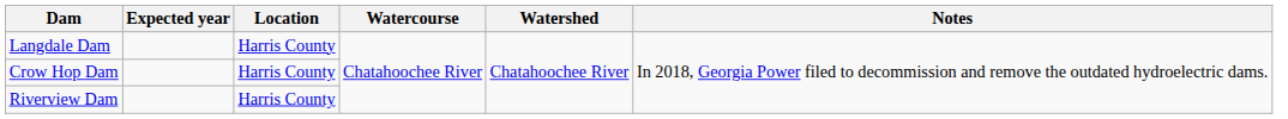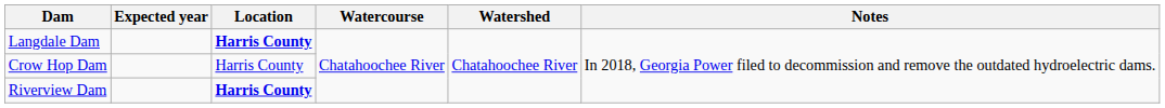 <table class="wikitable sortable">
 <tr>
 <th>Dam</th>
 <th>Expected year</th>
 <th>Location</th>
 <th>Watercourse</th>
 <th>Watershed</th>
 <th>Notes</th>
 </tr>
 <tr>
 <td><a href='#'>Langdale Dam</a></td>
 <td></td>
-<td><a href='#'>Harris County</a><br></td>
+<td><strong><a href='#'>Harris County</a><br></strong></td>
 <td rowspan=3><a href='#'>Chatahoochee River</a></td>
 <td rowspan=3><a href='#'>Chatahoochee River</a></td>
 <td rowspan=3>In 2018, <a href='#'>Georgia Power</a> filed to decommission and remove the outdated hydroelectric dams.</td>
 </tr>
 <tr>
 <td><a href='#'>Crow Hop Dam</a></td>
 <td></td>
 <td><a href='#'>Harris County</a><br></td>
 </tr>
 <tr>
 <td><a href='#'>Riverview Dam</a></td>
 <td></td>
-<td><a href='#'>Harris County</a><br></td>
+<td><strong><a href='#'>Harris County</a><br></strong></td>
 </tr>
 </table>
